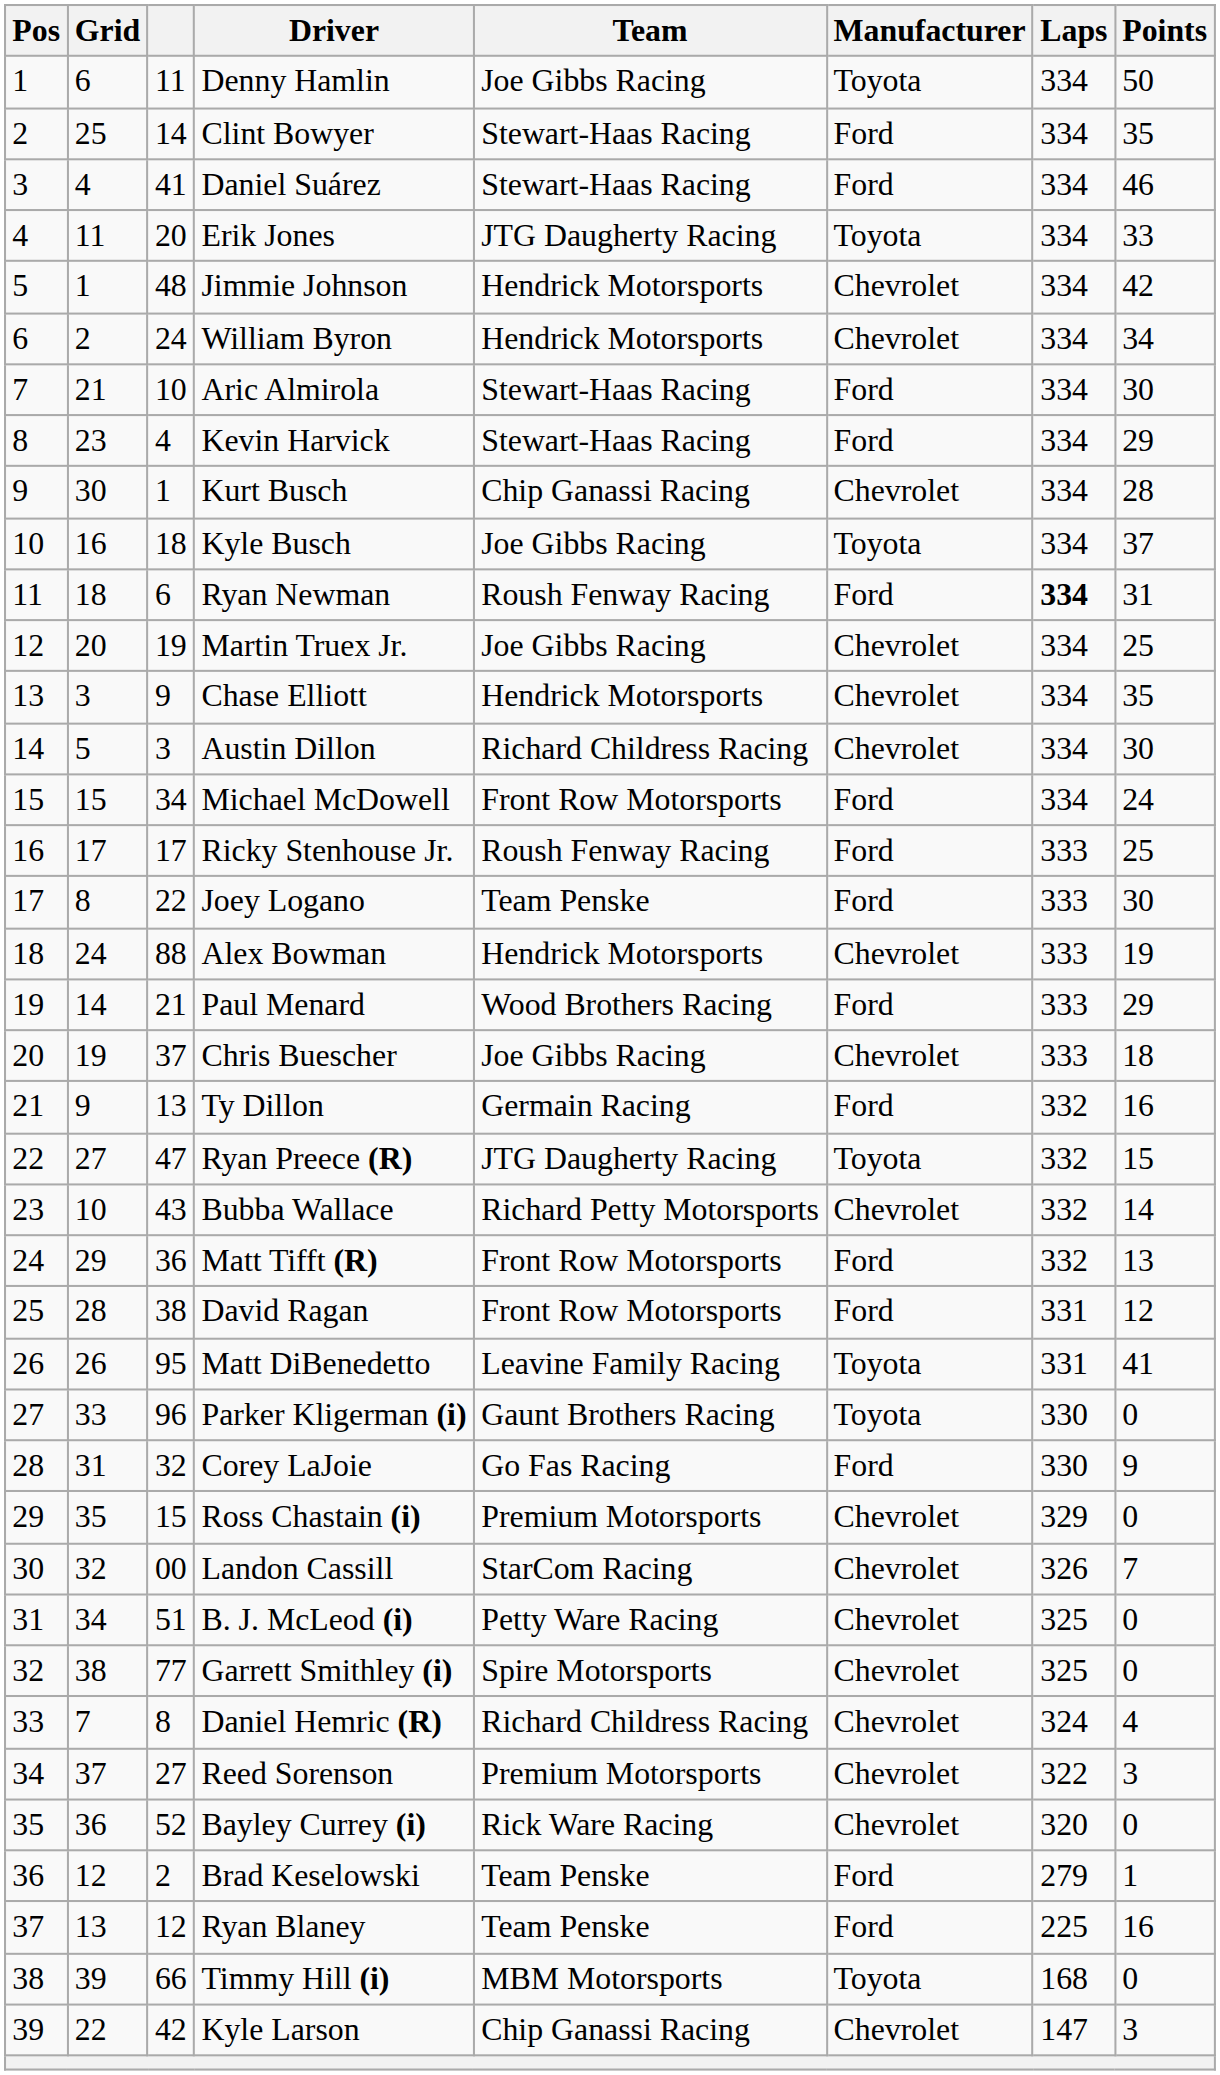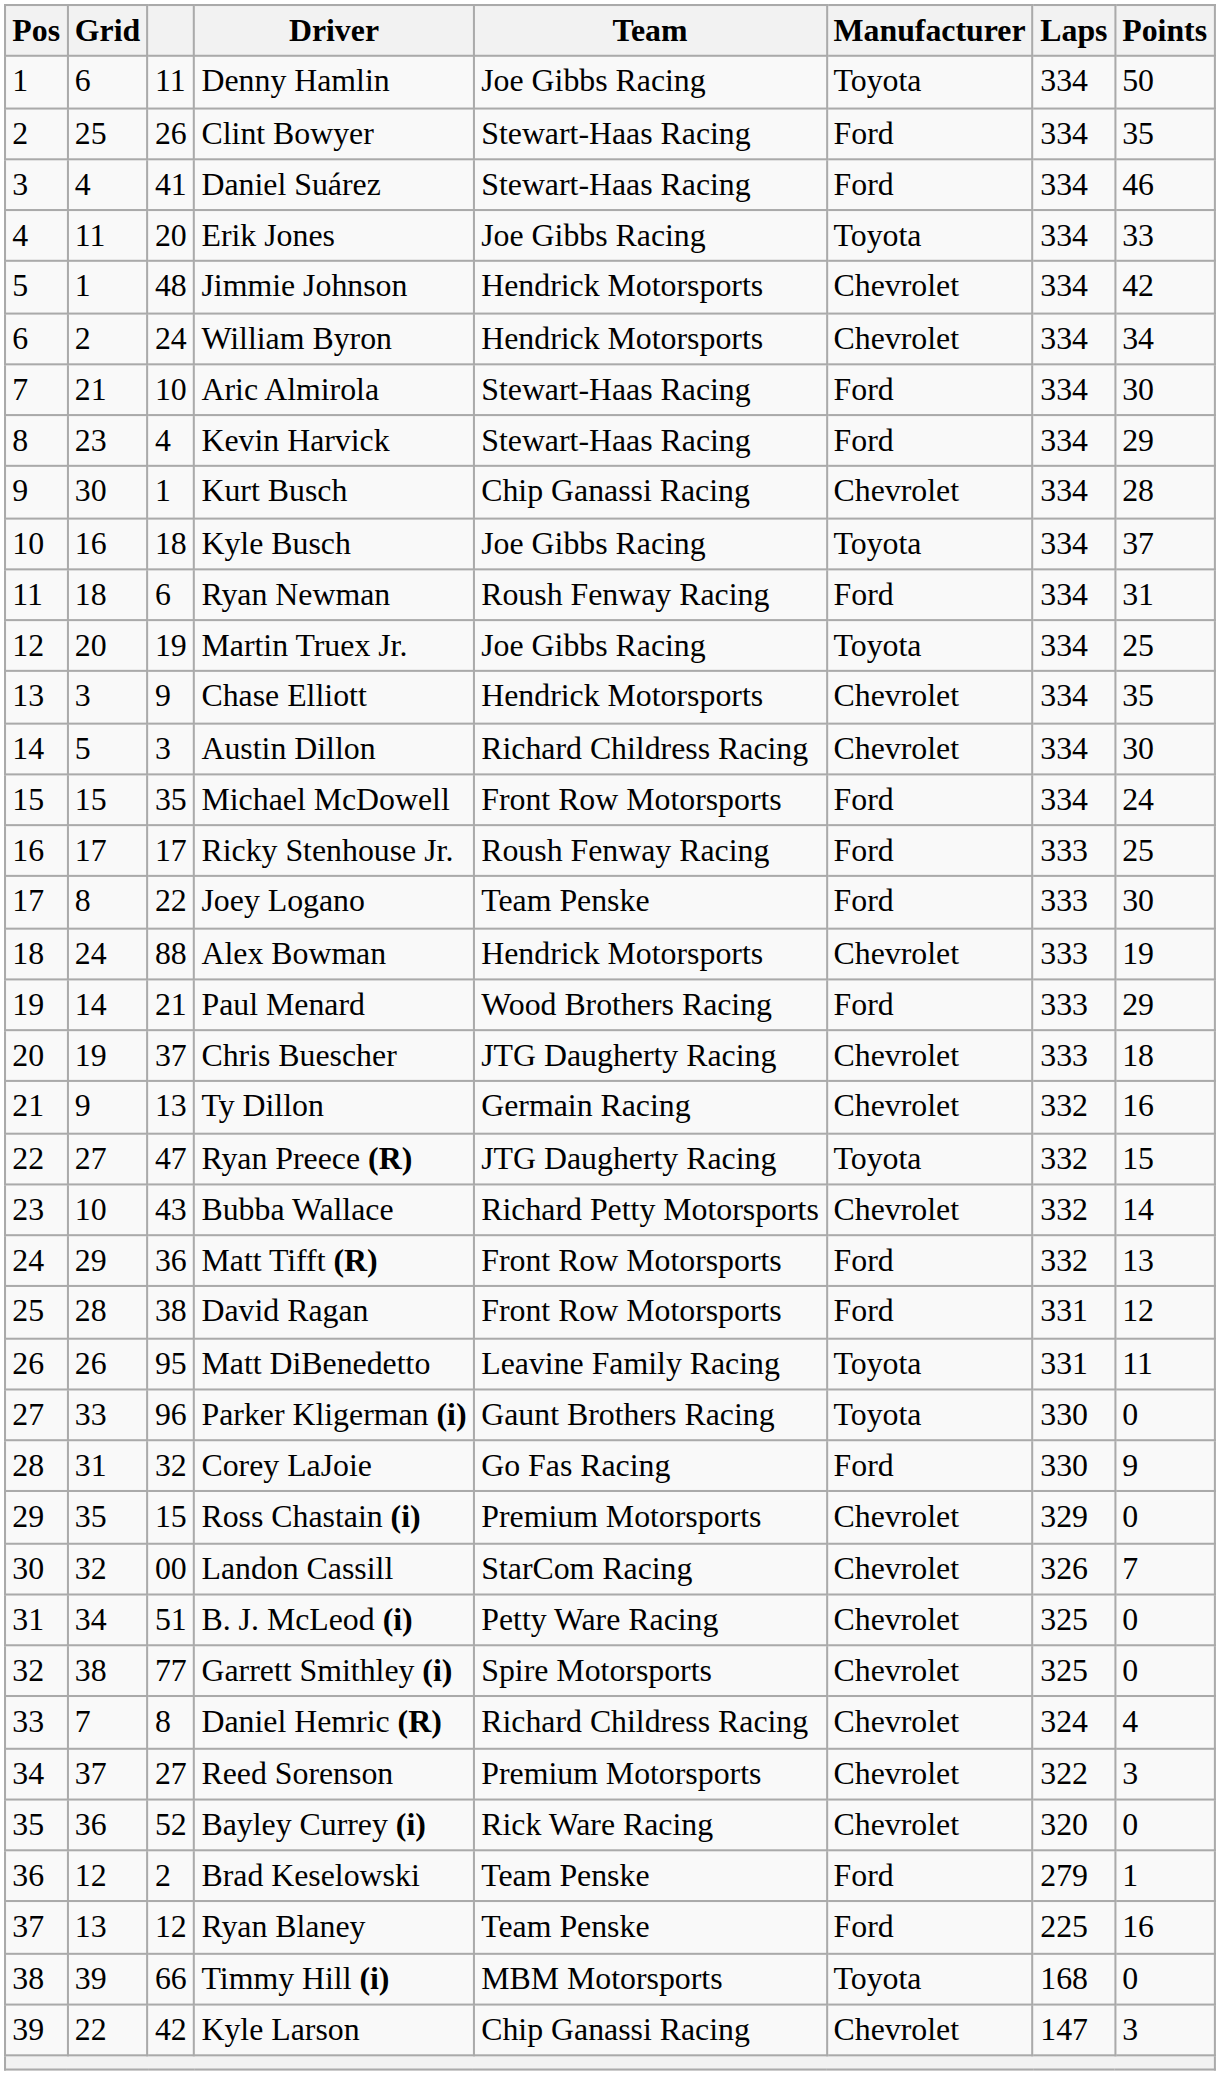 <table class="wikitable" style="font-size:98%">
 <tr>
 <th>Pos</th>
 <th>Grid</th>
 <th></th>
 <th>Driver</th>
 <th>Team</th>
 <th>Manufacturer</th>
 <th>Laps</th>
 <th>Points</th>
 </tr>
 <tr>
 <td>1</td>
 <td>6</td>
 <td>11</td>
 <td>Denny Hamlin</td>
 <td>Joe Gibbs Racing</td>
 <td>Toyota</td>
 <td>334</td>
 <td>50</td>
 </tr>
 <tr>
 <td>2</td>
 <td>25</td>
-<td>14</td>
+<td>26</td>
 <td>Clint Bowyer</td>
 <td>Stewart-Haas Racing</td>
 <td>Ford</td>
 <td>334</td>
 <td>35</td>
 </tr>
 <tr>
 <td>3</td>
 <td>4</td>
 <td>41</td>
 <td>Daniel Suárez</td>
 <td>Stewart-Haas Racing</td>
 <td>Ford</td>
 <td>334</td>
 <td>46</td>
 </tr>
 <tr>
 <td>4</td>
 <td>11</td>
 <td>20</td>
 <td>Erik Jones</td>
-<td>JTG Daugherty Racing</td>
+<td>Joe Gibbs Racing</td>
 <td>Toyota</td>
 <td>334</td>
 <td>33</td>
 </tr>
 <tr>
 <td>5</td>
 <td>1</td>
 <td>48</td>
 <td>Jimmie Johnson</td>
 <td>Hendrick Motorsports</td>
 <td>Chevrolet</td>
 <td>334</td>
 <td>42</td>
 </tr>
 <tr>
 <td>6</td>
 <td>2</td>
 <td>24</td>
 <td>William Byron</td>
 <td>Hendrick Motorsports</td>
 <td>Chevrolet</td>
 <td>334</td>
 <td>34</td>
 </tr>
 <tr>
 <td>7</td>
 <td>21</td>
 <td>10</td>
 <td>Aric Almirola</td>
 <td>Stewart-Haas Racing</td>
 <td>Ford</td>
 <td>334</td>
 <td>30</td>
 </tr>
 <tr>
 <td>8</td>
 <td>23</td>
 <td>4</td>
 <td>Kevin Harvick</td>
 <td>Stewart-Haas Racing</td>
 <td>Ford</td>
 <td>334</td>
 <td>29</td>
 </tr>
 <tr>
 <td>9</td>
 <td>30</td>
 <td>1</td>
 <td>Kurt Busch</td>
 <td>Chip Ganassi Racing</td>
 <td>Chevrolet</td>
 <td>334</td>
 <td>28</td>
 </tr>
 <tr>
 <td>10</td>
 <td>16</td>
 <td>18</td>
 <td>Kyle Busch</td>
 <td>Joe Gibbs Racing</td>
 <td>Toyota</td>
 <td>334</td>
 <td>37</td>
 </tr>
 <tr>
 <td>11</td>
 <td>18</td>
 <td>6</td>
 <td>Ryan Newman</td>
 <td>Roush Fenway Racing</td>
 <td>Ford</td>
-<td><strong>334</strong></td>
+<td>334</td>
 <td>31</td>
 </tr>
 <tr>
 <td>12</td>
 <td>20</td>
 <td>19</td>
 <td>Martin Truex Jr.</td>
 <td>Joe Gibbs Racing</td>
-<td>Chevrolet</td>
+<td>Toyota</td>
 <td>334</td>
 <td>25</td>
 </tr>
 <tr>
 <td>13</td>
 <td>3</td>
 <td>9</td>
 <td>Chase Elliott</td>
 <td>Hendrick Motorsports</td>
 <td>Chevrolet</td>
 <td>334</td>
 <td>35</td>
 </tr>
 <tr>
 <td>14</td>
 <td>5</td>
 <td>3</td>
 <td>Austin Dillon</td>
 <td>Richard Childress Racing</td>
 <td>Chevrolet</td>
 <td>334</td>
 <td>30</td>
 </tr>
 <tr>
 <td>15</td>
 <td>15</td>
-<td>34</td>
+<td>35</td>
 <td>Michael McDowell</td>
 <td>Front Row Motorsports</td>
 <td>Ford</td>
 <td>334</td>
 <td>24</td>
 </tr>
 <tr>
 <td>16</td>
 <td>17</td>
 <td>17</td>
 <td>Ricky Stenhouse Jr.</td>
 <td>Roush Fenway Racing</td>
 <td>Ford</td>
 <td>333</td>
 <td>25</td>
 </tr>
 <tr>
 <td>17</td>
 <td>8</td>
 <td>22</td>
 <td>Joey Logano</td>
 <td>Team Penske</td>
 <td>Ford</td>
 <td>333</td>
 <td>30</td>
 </tr>
 <tr>
 <td>18</td>
 <td>24</td>
 <td>88</td>
 <td>Alex Bowman</td>
 <td>Hendrick Motorsports</td>
 <td>Chevrolet</td>
 <td>333</td>
 <td>19</td>
 </tr>
 <tr>
 <td>19</td>
 <td>14</td>
 <td>21</td>
 <td>Paul Menard</td>
 <td>Wood Brothers Racing</td>
 <td>Ford</td>
 <td>333</td>
 <td>29</td>
 </tr>
 <tr>
 <td>20</td>
 <td>19</td>
 <td>37</td>
 <td>Chris Buescher</td>
-<td>Joe Gibbs Racing</td>
+<td>JTG Daugherty Racing</td>
 <td>Chevrolet</td>
 <td>333</td>
 <td>18</td>
 </tr>
 <tr>
 <td>21</td>
 <td>9</td>
 <td>13</td>
 <td>Ty Dillon</td>
 <td>Germain Racing</td>
-<td>Ford</td>
+<td>Chevrolet</td>
 <td>332</td>
 <td>16</td>
 </tr>
 <tr>
 <td>22</td>
 <td>27</td>
 <td>47</td>
 <td>Ryan Preece <strong>(R)</strong></td>
 <td>JTG Daugherty Racing</td>
 <td>Toyota</td>
 <td>332</td>
 <td>15</td>
 </tr>
 <tr>
 <td>23</td>
 <td>10</td>
 <td>43</td>
 <td>Bubba Wallace</td>
 <td>Richard Petty Motorsports</td>
 <td>Chevrolet</td>
 <td>332</td>
 <td>14</td>
 </tr>
 <tr>
 <td>24</td>
 <td>29</td>
 <td>36</td>
 <td>Matt Tifft <strong>(R)</strong></td>
 <td>Front Row Motorsports</td>
 <td>Ford</td>
 <td>332</td>
 <td>13</td>
 </tr>
 <tr>
 <td>25</td>
 <td>28</td>
 <td>38</td>
 <td>David Ragan</td>
 <td>Front Row Motorsports</td>
 <td>Ford</td>
 <td>331</td>
 <td>12</td>
 </tr>
 <tr>
 <td>26</td>
 <td>26</td>
 <td>95</td>
 <td>Matt DiBenedetto</td>
 <td>Leavine Family Racing</td>
 <td>Toyota</td>
 <td>331</td>
-<td>41</td>
+<td>11</td>
 </tr>
 <tr>
 <td>27</td>
 <td>33</td>
 <td>96</td>
 <td>Parker Kligerman <strong>(i)</strong></td>
 <td>Gaunt Brothers Racing</td>
 <td>Toyota</td>
 <td>330</td>
 <td>0</td>
 </tr>
 <tr>
 <td>28</td>
 <td>31</td>
 <td>32</td>
 <td>Corey LaJoie</td>
 <td>Go Fas Racing</td>
 <td>Ford</td>
 <td>330</td>
 <td>9</td>
 </tr>
 <tr>
 <td>29</td>
 <td>35</td>
 <td>15</td>
 <td>Ross Chastain <strong>(i)</strong></td>
 <td>Premium Motorsports</td>
 <td>Chevrolet</td>
 <td>329</td>
 <td>0</td>
 </tr>
 <tr>
 <td>30</td>
 <td>32</td>
 <td>00</td>
 <td>Landon Cassill</td>
 <td>StarCom Racing</td>
 <td>Chevrolet</td>
 <td>326</td>
 <td>7</td>
 </tr>
 <tr>
 <td>31</td>
 <td>34</td>
 <td>51</td>
 <td>B. J. McLeod <strong>(i)</strong></td>
 <td>Petty Ware Racing</td>
 <td>Chevrolet</td>
 <td>325</td>
 <td>0</td>
 </tr>
 <tr>
 <td>32</td>
 <td>38</td>
 <td>77</td>
 <td>Garrett Smithley <strong>(i)</strong></td>
 <td>Spire Motorsports</td>
 <td>Chevrolet</td>
 <td>325</td>
 <td>0</td>
 </tr>
 <tr>
 <td>33</td>
 <td>7</td>
 <td>8</td>
 <td>Daniel Hemric <strong>(R)</strong></td>
 <td>Richard Childress Racing</td>
 <td>Chevrolet</td>
 <td>324</td>
 <td>4</td>
 </tr>
 <tr>
 <td>34</td>
 <td>37</td>
 <td>27</td>
 <td>Reed Sorenson</td>
 <td>Premium Motorsports</td>
 <td>Chevrolet</td>
 <td>322</td>
 <td>3</td>
 </tr>
 <tr>
 <td>35</td>
 <td>36</td>
 <td>52</td>
 <td>Bayley Currey <strong>(i)</strong></td>
 <td>Rick Ware Racing</td>
 <td>Chevrolet</td>
 <td>320</td>
 <td>0</td>
 </tr>
 <tr>
 <td>36</td>
 <td>12</td>
 <td>2</td>
 <td>Brad Keselowski</td>
 <td>Team Penske</td>
 <td>Ford</td>
 <td>279</td>
 <td>1</td>
 </tr>
 <tr>
 <td>37</td>
 <td>13</td>
 <td>12</td>
 <td>Ryan Blaney</td>
 <td>Team Penske</td>
 <td>Ford</td>
 <td>225</td>
 <td>16</td>
 </tr>
 <tr>
 <td>38</td>
 <td>39</td>
 <td>66</td>
 <td>Timmy Hill <strong>(i)</strong></td>
 <td>MBM Motorsports</td>
 <td>Toyota</td>
 <td>168</td>
 <td>0</td>
 </tr>
 <tr>
 <td>39</td>
 <td>22</td>
 <td>42</td>
 <td>Kyle Larson</td>
 <td>Chip Ganassi Racing</td>
 <td>Chevrolet</td>
 <td>147</td>
 <td>3</td>
 </tr>
 <tr>
 <th colspan="8"></th>
 </tr>
 </table>
